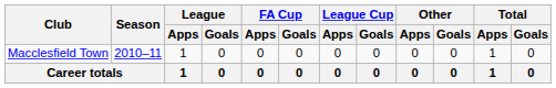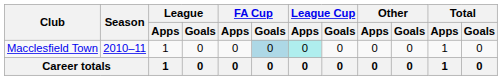 <table class="wikitable" style="font-size:90%; text-align:center;">
 <tr>
 <th rowspan="2">Club</th>
 <th rowspan="2">Season</th>
 <th colspan="2">League</th>
 <th colspan="2"><a href='#'>FA Cup</a></th>
 <th colspan="2"><a href='#'>League Cup</a></th>
 <th colspan="2">Other</th>
 <th colspan="2">Total</th>
 </tr>
 <tr>
 <th>Apps</th>
 <th>Goals</th>
 <th>Apps</th>
 <th>Goals</th>
 <th>Apps</th>
 <th>Goals</th>
 <th>Apps</th>
 <th>Goals</th>
 <th>Apps</th>
 <th>Goals</th>
 </tr>
 <tr>
 <td rowspan="1"><a href='#'>Macclesfield Town</a></td>
 <td><a href='#'>2010–11</a></td>
 <td>1</td>
 <td>0</td>
 <td>0</td>
-<td>0</td>
-<td>0</td>
+<td style="background: lightblue;">0</td>
+<td style="background: paleturquoise;">0</td>
 <td>0</td>
 <td>0</td>
 <td>0</td>
 <td>1</td>
 <td>0</td>
 </tr>
 <tr>
 <th colspan="2">Career totals</th>
 <th>1</th>
 <th>0</th>
 <th>0</th>
 <th>0</th>
 <th>0</th>
 <th>0</th>
 <th>0</th>
 <th>0</th>
 <th>1</th>
 <th>0</th>
 </tr>
 </table>
